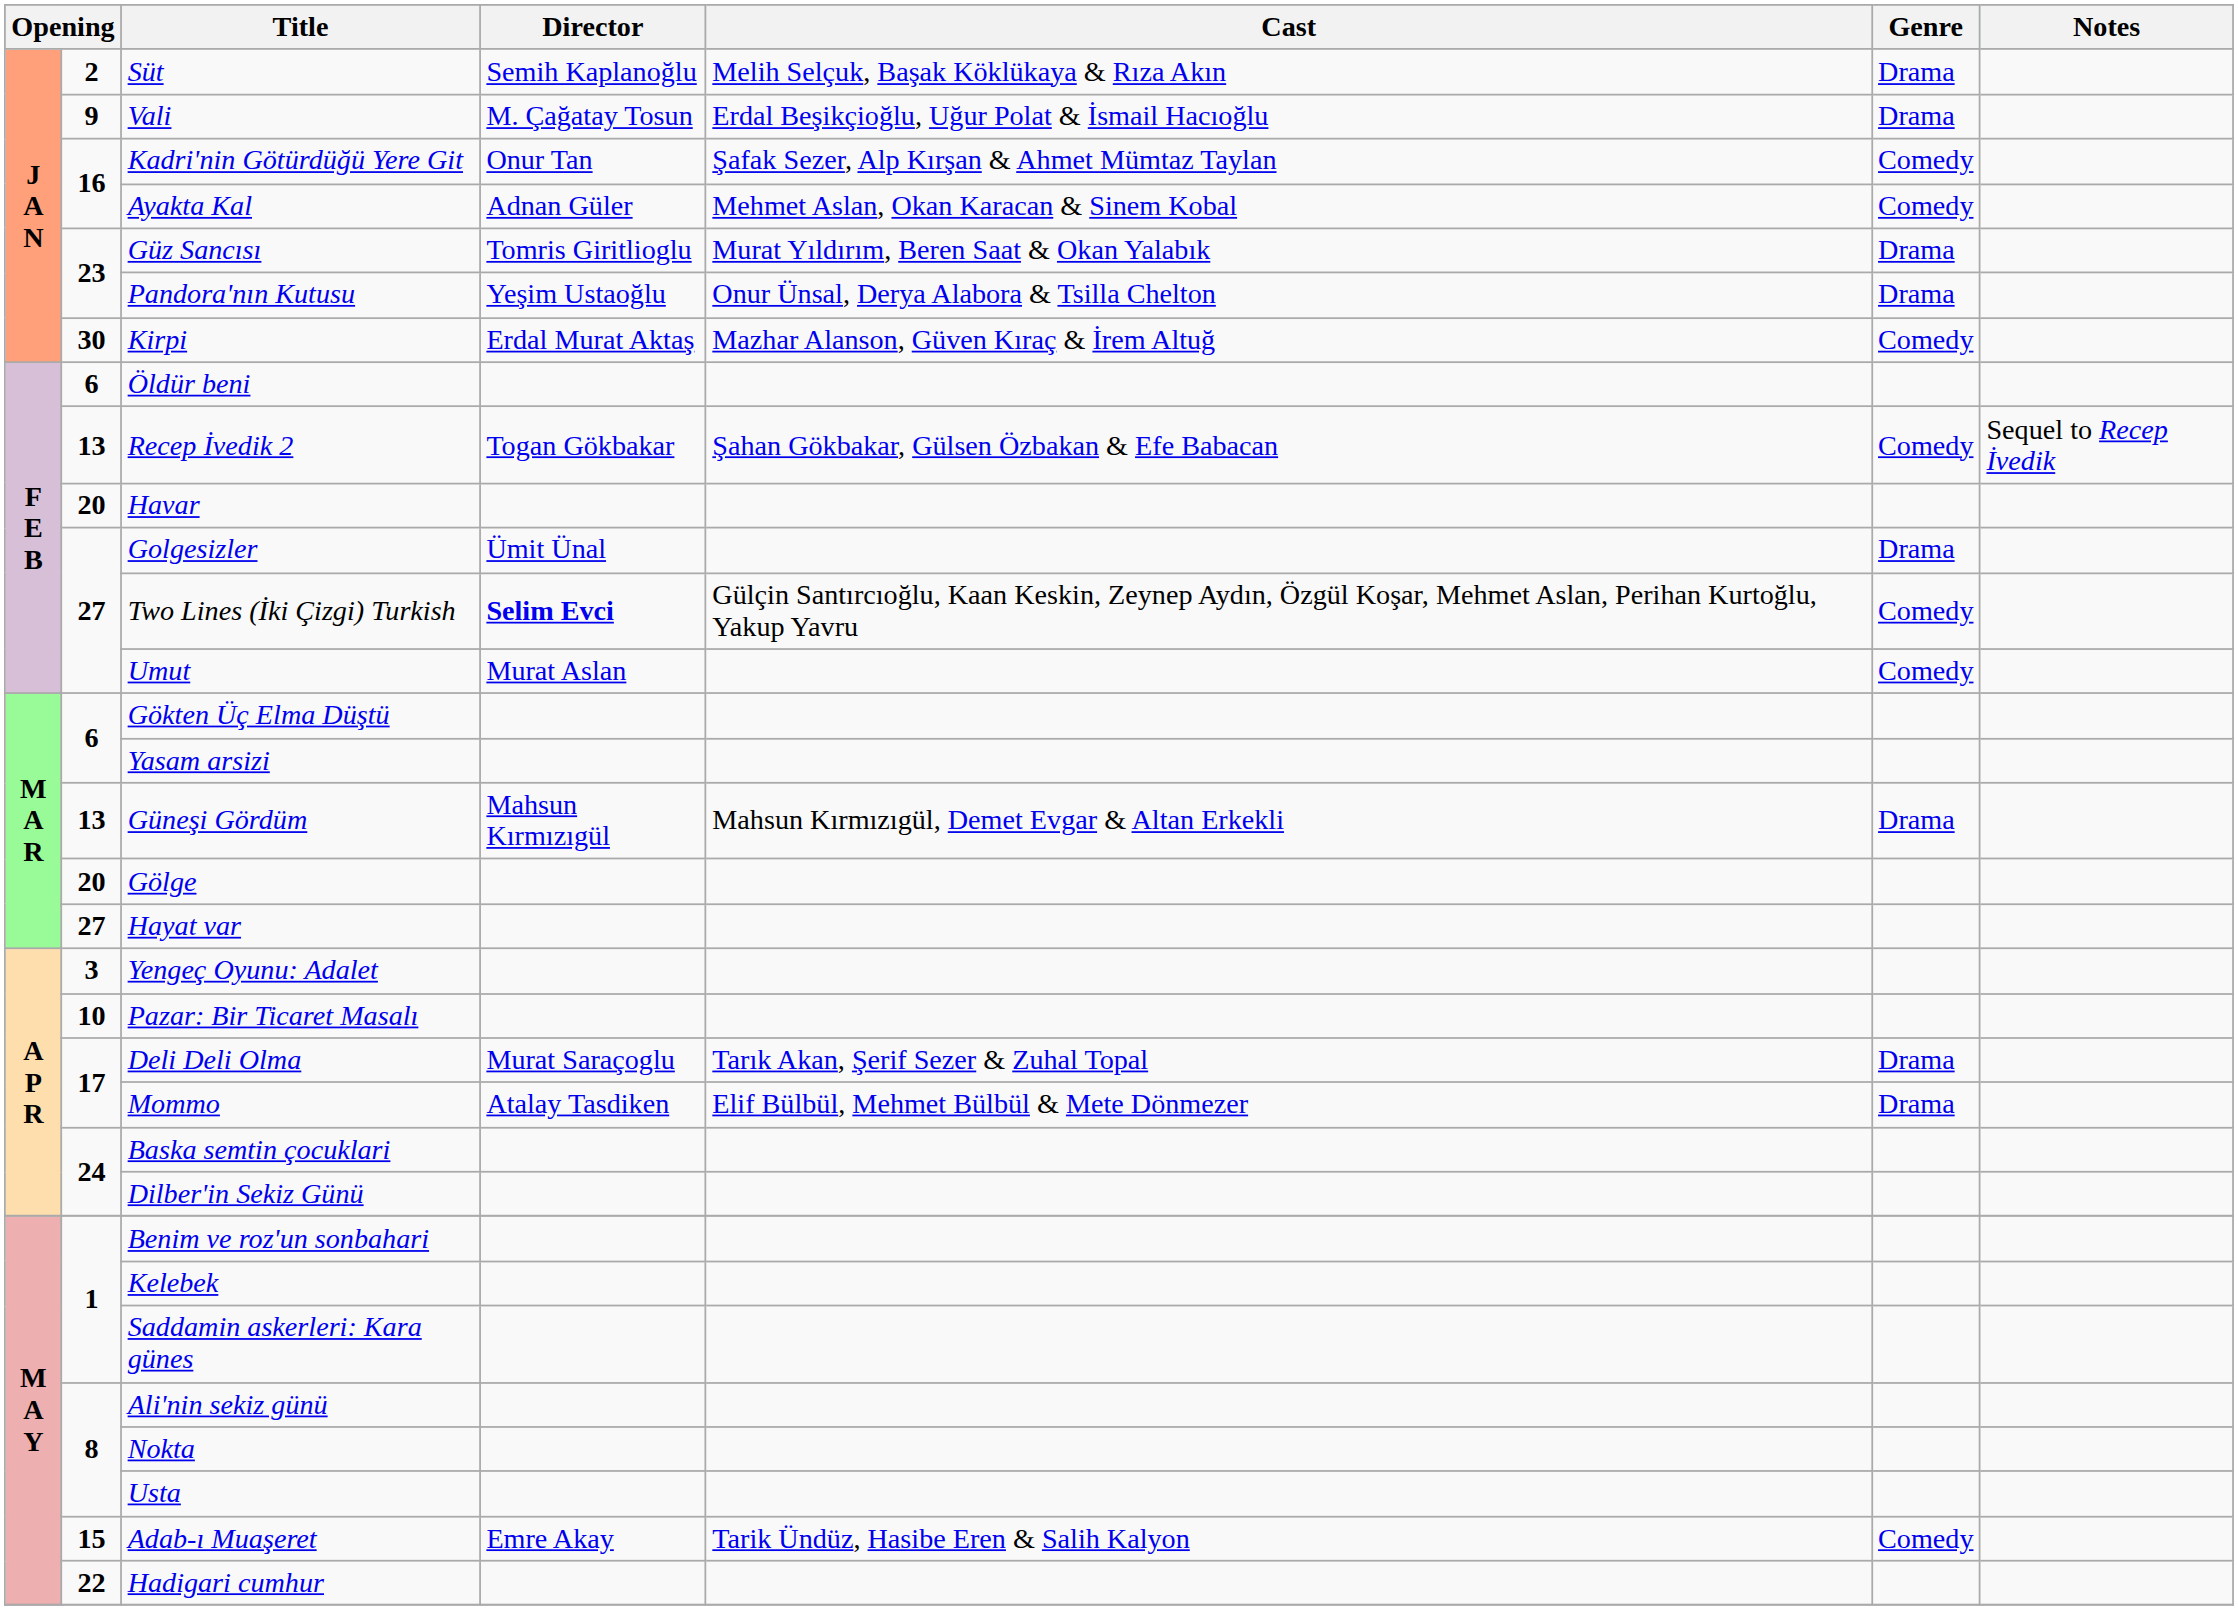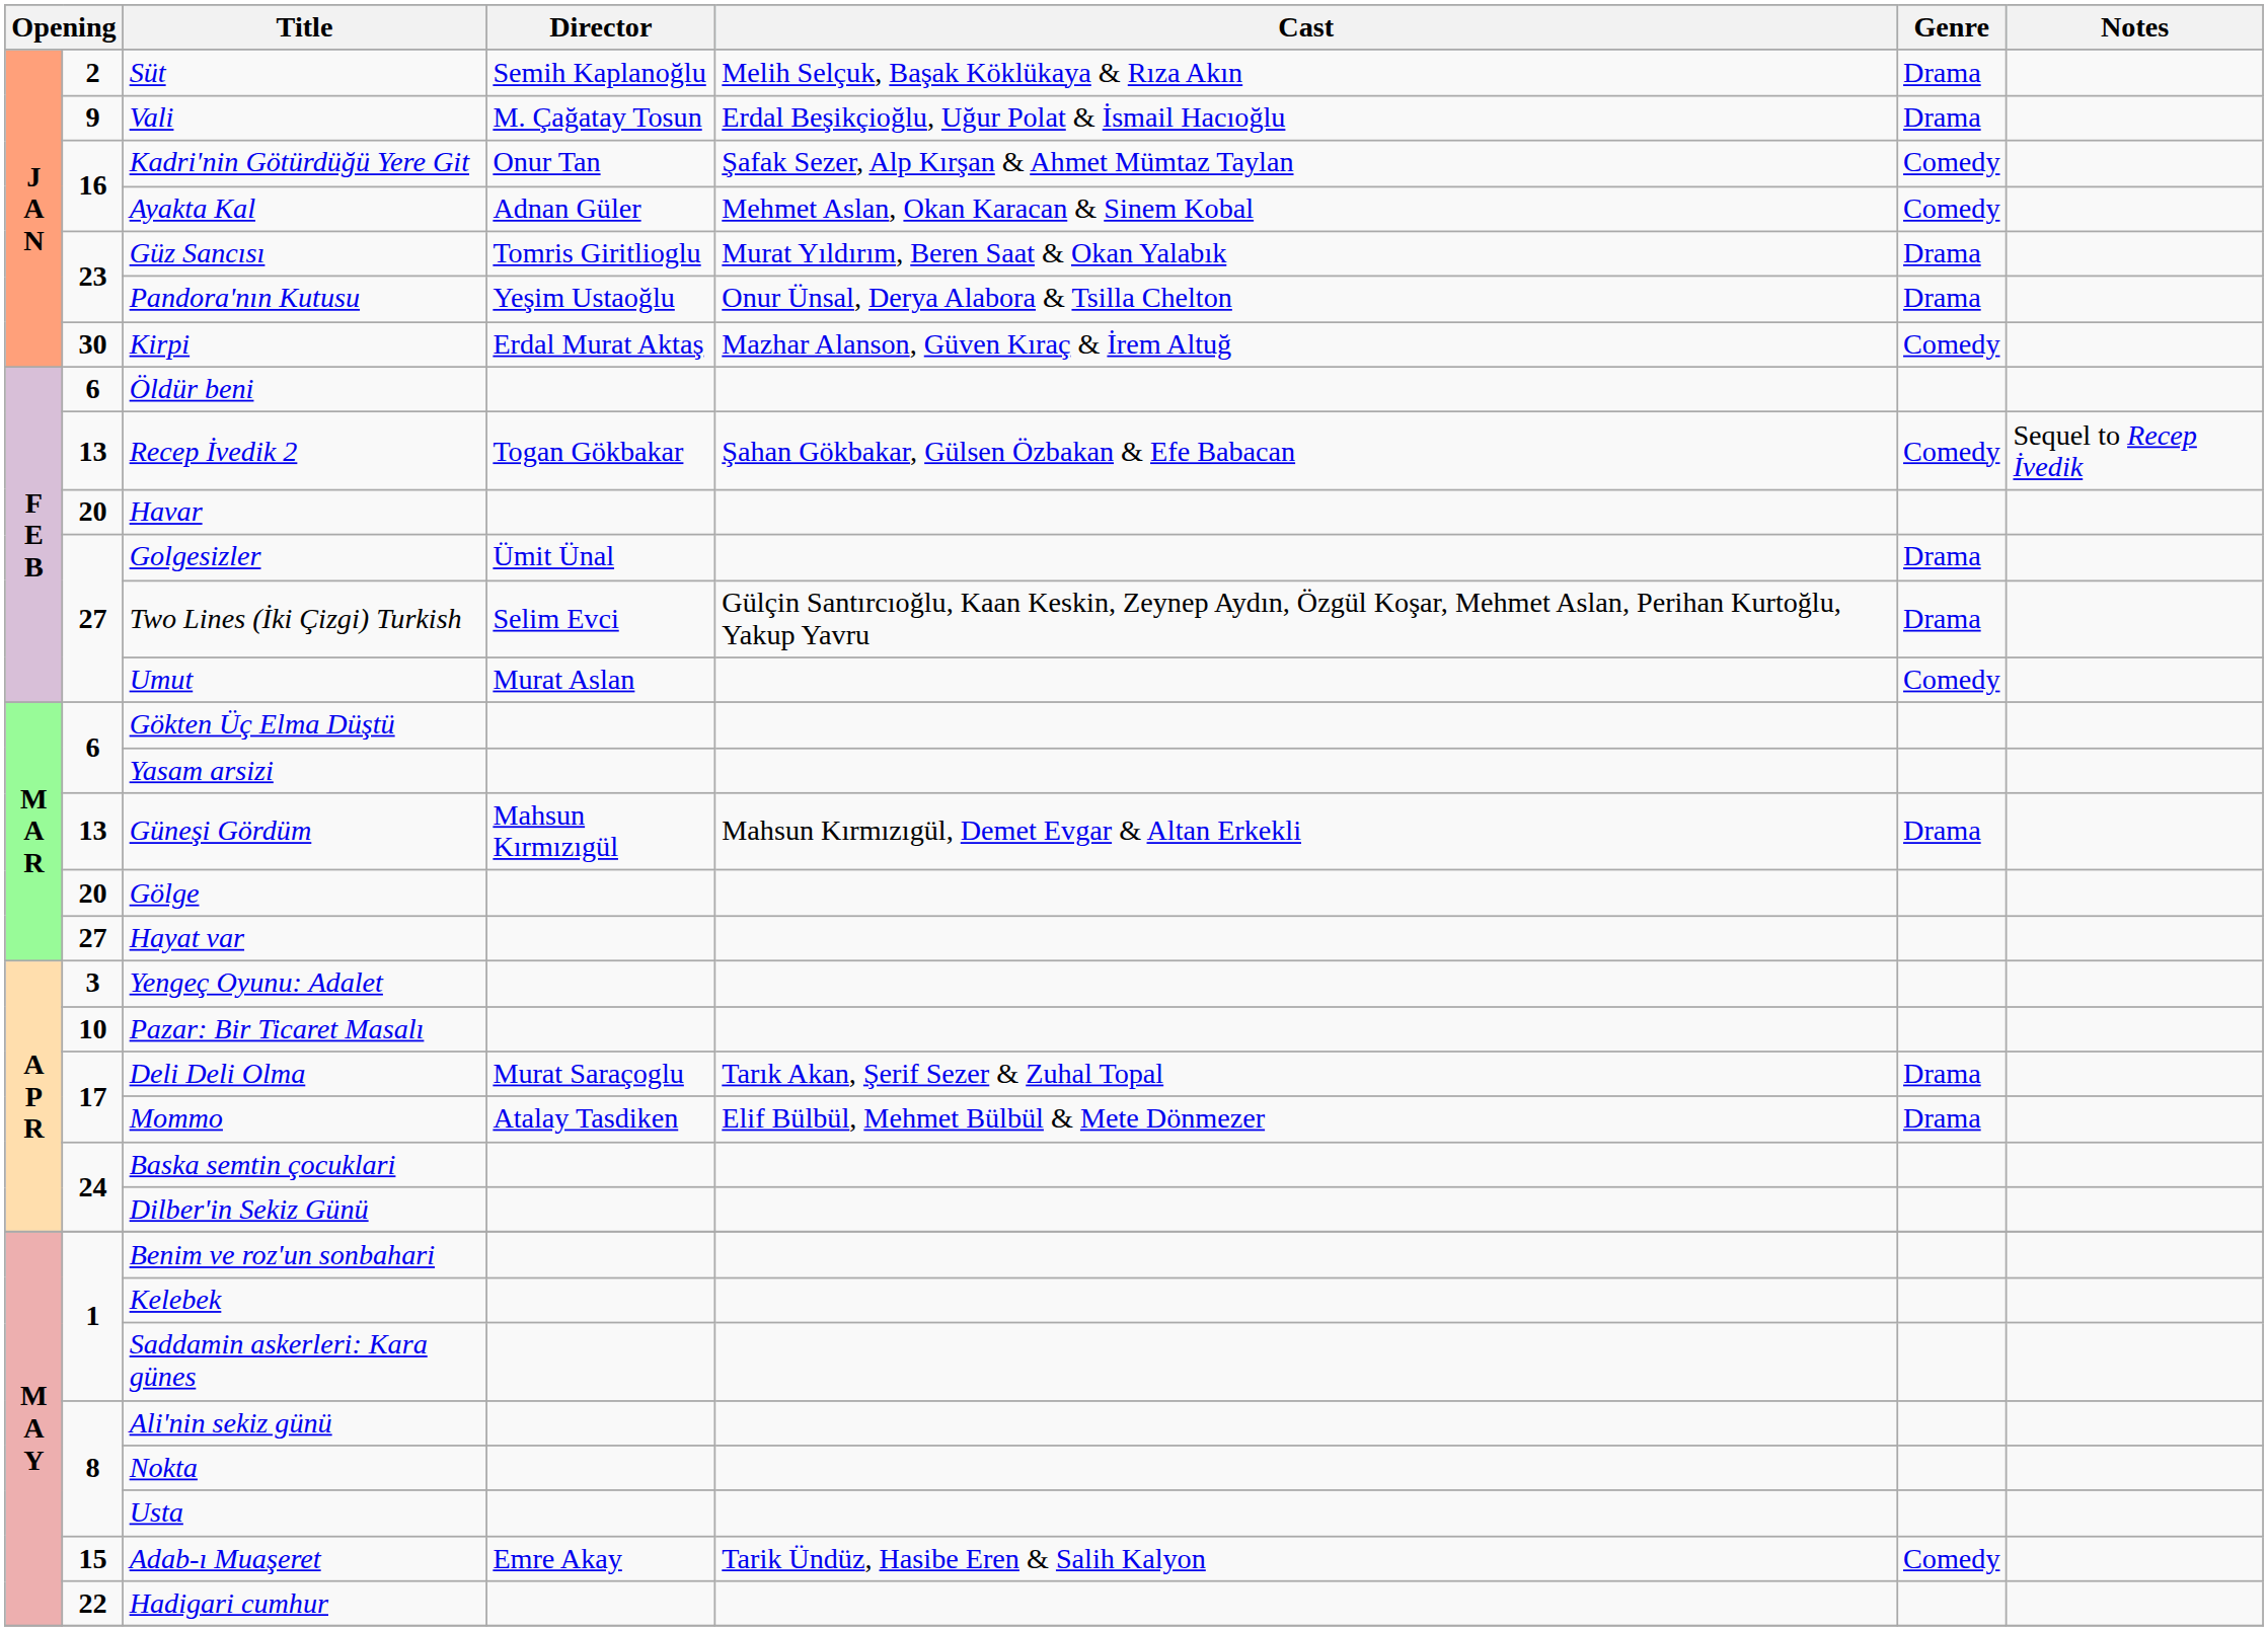 <table class="wikitable sortable" width="80%">
 <tr bgcolor="#B0E0E6" align="center">
 <th colspan="2"><strong>Opening</strong></th>
 <th><strong>Title</strong></th>
 <th><strong>Director</strong></th>
 <th><strong>Cast</strong></th>
 <th><strong>Genre</strong></th>
 <th><strong>Notes</strong></th>
 </tr>
 <tr January!>
 <td rowspan="7" valign="center" align="center" style="background:#FFA07A; textcolor:#000;"><strong>J<br>A<br>N</strong></td>
 <td rowspan="1" align="center"><strong>2</strong></td>
 <td><em><a href='#'>Süt</a></em></td>
 <td><a href='#'>Semih Kaplanoğlu</a></td>
 <td><a href='#'>Melih Selçuk</a>, <a href='#'>Başak Köklükaya</a> & <a href='#'>Rıza Akın</a></td>
 <td><a href='#'>Drama</a></td>
 <td></td>
 </tr>
 <tr>
 <td rowspan="1" align="center"><strong>9</strong></td>
 <td><em><a href='#'>Vali</a></em></td>
 <td><a href='#'>M. Çağatay Tosun</a></td>
 <td><a href='#'>Erdal Beşikçioğlu</a>, <a href='#'>Uğur Polat</a> & <a href='#'>İsmail Hacıoğlu</a></td>
 <td><a href='#'>Drama</a></td>
 <td></td>
 </tr>
 <tr>
 <td rowspan="2" align="center"><strong>16</strong></td>
 <td><em><a href='#'>Kadri'nin Götürdüğü Yere Git</a></em></td>
 <td><a href='#'>Onur Tan</a></td>
 <td><a href='#'>Şafak Sezer</a>, <a href='#'>Alp Kırşan</a> & <a href='#'>Ahmet Mümtaz Taylan</a></td>
 <td><a href='#'>Comedy</a></td>
 <td></td>
 </tr>
 <tr>
 <td><em><a href='#'>Ayakta Kal</a></em></td>
 <td><a href='#'>Adnan Güler</a></td>
 <td><a href='#'>Mehmet Aslan</a>, <a href='#'>Okan Karacan</a> & <a href='#'>Sinem Kobal</a></td>
 <td><a href='#'>Comedy</a></td>
 <td></td>
 </tr>
 <tr>
 <td rowspan="2" align="center"><strong>23</strong></td>
 <td><em><a href='#'>Güz Sancısı</a></em></td>
 <td><a href='#'>Tomris Giritlioglu</a></td>
 <td><a href='#'>Murat Yıldırım</a>, <a href='#'>Beren Saat</a> & <a href='#'>Okan Yalabık</a></td>
 <td><a href='#'>Drama</a></td>
 <td></td>
 </tr>
 <tr>
 <td><em><a href='#'>Pandora'nın Kutusu</a></em></td>
 <td><a href='#'>Yeşim Ustaoğlu</a></td>
 <td><a href='#'>Onur Ünsal</a>, <a href='#'>Derya Alabora</a> & <a href='#'>Tsilla Chelton</a></td>
 <td><a href='#'>Drama</a></td>
 <td></td>
 </tr>
 <tr>
 <td rowspan="1" align="center"><strong>30</strong></td>
 <td><em><a href='#'>Kirpi</a></em></td>
 <td><a href='#'>Erdal Murat Aktaş</a></td>
 <td><a href='#'>Mazhar Alanson</a>, <a href='#'>Güven Kıraç</a> & <a href='#'>İrem Altuğ</a></td>
 <td><a href='#'>Comedy</a></td>
 <td></td>
 </tr>
 <tr February!>
 <td rowspan="6" valign="center" align="center" style="background:#D8BFD8; textcolor:#000;"><strong>F<br>E<br>B</strong></td>
 <td rowspan="1" align="center"><strong>6</strong></td>
 <td><em><a href='#'>Öldür beni</a></em></td>
 <td></td>
 <td></td>
 <td></td>
 <td></td>
 </tr>
 <tr>
 <td rowspan="1" align="center"><strong>13</strong></td>
 <td><em><a href='#'>Recep İvedik 2</a></em></td>
 <td><a href='#'>Togan Gökbakar</a></td>
 <td><a href='#'>Şahan Gökbakar</a>, <a href='#'>Gülsen Özbakan</a> & <a href='#'>Efe Babacan</a></td>
 <td><a href='#'>Comedy</a></td>
 <td>Sequel to <em><a href='#'>Recep İvedik</a></em></td>
 </tr>
 <tr>
 <td rowspan="1" align="center"><strong>20</strong></td>
 <td><em><a href='#'>Havar</a></em></td>
 <td></td>
 <td></td>
 <td></td>
 <td></td>
 </tr>
 <tr>
 <td rowspan="3" align="center"><strong>27</strong></td>
 <td><em><a href='#'>Golgesizler</a></em></td>
 <td><a href='#'>Ümit Ünal</a></td>
 <td></td>
 <td><a href='#'>Drama</a></td>
 <td></td>
 </tr>
 <tr>
 <td><em>Two Lines</em>    <em>(İki Çizgi) Turkish</em></td>
-<td><strong><a href='#'>Selim Evci</a></strong></td>
+<td><a href='#'>Selim Evci</a></td>
 <td>Gülçin Santırcıoğlu, Kaan Keskin, Zeynep Aydın, Özgül Koşar, Mehmet Aslan, Perihan Kurtoğlu, Yakup Yavru</td>
-<td><a href='#'>Comedy</a></td>
+<td><a href='#'>Drama</a></td>
 <td></td>
 </tr>
 <tr>
 <td><em><a href='#'>Umut</a></em></td>
 <td><a href='#'>Murat Aslan</a></td>
 <td></td>
 <td><a href='#'>Comedy</a></td>
 <td></td>
 </tr>
 <tr March!>
 <td rowspan="5" valign="center" align="center" style="background:#98FB98; textcolor:#000;"><strong>M<br>A<br>R</strong></td>
 <td rowspan="2" align="center"><strong>6</strong></td>
 <td><em><a href='#'>Gökten Üç Elma Düştü</a></em></td>
 <td></td>
 <td></td>
 <td></td>
 <td></td>
 </tr>
 <tr>
 <td><em><a href='#'>Yasam arsizi</a></em></td>
 <td></td>
 <td></td>
 <td></td>
 <td></td>
 </tr>
 <tr>
 <td rowspan="1" align="center"><strong>13</strong></td>
 <td><em><a href='#'>Güneşi Gördüm</a></em></td>
 <td><a href='#'>Mahsun Kırmızıgül</a></td>
 <td>Mahsun Kırmızıgül, <a href='#'>Demet Evgar</a> & <a href='#'>Altan Erkekli</a></td>
 <td><a href='#'>Drama</a></td>
 <td></td>
 </tr>
 <tr>
 <td rowspan="1" align="center"><strong>20</strong></td>
 <td><em><a href='#'>Gölge</a></em></td>
 <td></td>
 <td></td>
 <td></td>
 <td></td>
 </tr>
 <tr>
 <td rowspan="1" align="center"><strong>27</strong></td>
 <td><em><a href='#'>Hayat var</a></em></td>
 <td></td>
 <td></td>
 <td></td>
 <td></td>
 </tr>
 <tr April!>
 <td rowspan="6" valign="center" align="center" style="background:#FFDEAD;"><strong>A<br>P<br>R</strong></td>
 <td rowspan="1" align="center"><strong>3</strong></td>
 <td><em><a href='#'>Yengeç Oyunu: Adalet</a></em></td>
 <td></td>
 <td></td>
 <td></td>
 <td></td>
 </tr>
 <tr>
 <td rowspan="1" align="center"><strong>10</strong></td>
 <td><em><a href='#'>Pazar: Bir Ticaret Masalı</a></em></td>
 <td></td>
 <td></td>
 <td></td>
 <td></td>
 </tr>
 <tr>
 <td rowspan="2" align="center"><strong>17</strong></td>
 <td><em><a href='#'>Deli Deli Olma</a></em></td>
 <td><a href='#'>Murat Saraçoglu</a></td>
 <td><a href='#'>Tarık Akan</a>, <a href='#'>Şerif Sezer</a> & <a href='#'>Zuhal Topal</a></td>
 <td><a href='#'>Drama</a></td>
 <td></td>
 </tr>
 <tr>
 <td><em><a href='#'>Mommo</a></em></td>
 <td><a href='#'>Atalay Tasdiken</a></td>
 <td><a href='#'>Elif Bülbül</a>, <a href='#'>Mehmet Bülbül</a> & <a href='#'>Mete Dönmezer</a></td>
 <td><a href='#'>Drama</a></td>
 <td></td>
 </tr>
 <tr>
 <td rowspan="2" align="center"><strong>24</strong></td>
 <td><em><a href='#'>Baska semtin çocuklari</a></em></td>
 <td></td>
 <td></td>
 <td></td>
 <td></td>
 </tr>
 <tr>
 <td><em><a href='#'>Dilber'in Sekiz Günü</a></em></td>
 <td></td>
 <td></td>
 <td></td>
 <td></td>
 </tr>
 <tr>
 </tr>
 <tr May!>
 <td rowspan="8" valign="center" align="center" style="background:#edafaf;"><strong>M<br>A<br>Y</strong></td>
 <td rowspan="3" align="center"><strong>1</strong></td>
 <td><em><a href='#'>Benim ve roz'un sonbahari</a></em></td>
 <td></td>
 <td></td>
 <td></td>
 <td></td>
 </tr>
 <tr>
 <td><em><a href='#'>Kelebek</a></em></td>
 <td></td>
 <td></td>
 <td></td>
 <td></td>
 </tr>
 <tr>
 <td><em><a href='#'>Saddamin askerleri: Kara günes</a></em></td>
 <td></td>
 <td></td>
 <td></td>
 <td></td>
 </tr>
 <tr>
 <td rowspan="3" align="center"><strong>8</strong></td>
 <td><em><a href='#'>Ali'nin sekiz günü</a></em></td>
 <td></td>
 <td></td>
 <td></td>
 <td></td>
 </tr>
 <tr>
 <td><em><a href='#'>Nokta</a></em></td>
 <td></td>
 <td></td>
 <td></td>
 <td></td>
 </tr>
 <tr>
 <td><em><a href='#'>Usta</a></em></td>
 <td></td>
 <td></td>
 <td></td>
 <td></td>
 </tr>
 <tr>
 <td rowspan="1" align="center"><strong>15</strong></td>
 <td><em><a href='#'>Adab-ı Muaşeret</a></em></td>
 <td><a href='#'>Emre Akay</a></td>
 <td><a href='#'>Tarik Ündüz</a>, <a href='#'>Hasibe Eren</a> & <a href='#'>Salih Kalyon</a></td>
 <td><a href='#'>Comedy</a></td>
 <td></td>
 </tr>
 <tr>
 <td rowspan="1" align="center"><strong>22</strong></td>
 <td><em><a href='#'>Hadigari cumhur</a></em></td>
 <td></td>
 <td></td>
 <td></td>
 <td></td>
 </tr>
 <tr>
 </tr>
 </table>
